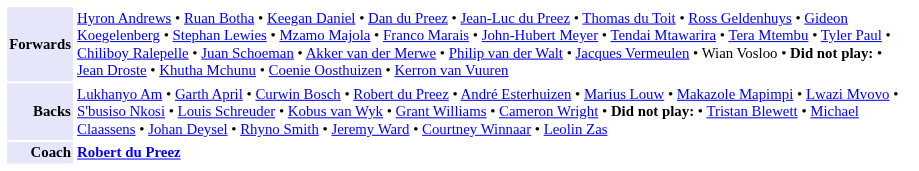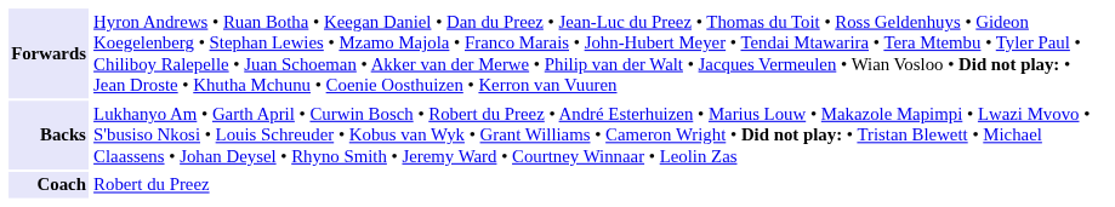 <table cellpadding="2" style="border: 1px solid white; font-size:90%;">
 <tr>
 <td style="text-align:right; background:lavender;"><strong>Forwards</strong></td>
 <td style="text-align:left;"><a href='#'>Hyron Andrews</a> • <a href='#'>Ruan Botha</a> • <a href='#'>Keegan Daniel</a> • <a href='#'>Dan du Preez</a> • <a href='#'>Jean-Luc du Preez</a> • <a href='#'>Thomas du Toit</a> • <a href='#'>Ross Geldenhuys</a> • <a href='#'>Gideon Koegelenberg</a> • <a href='#'>Stephan Lewies</a> • <a href='#'>Mzamo Majola</a> • <a href='#'>Franco Marais</a> • <a href='#'>John-Hubert Meyer</a> • <a href='#'>Tendai Mtawarira</a> • <a href='#'>Tera Mtembu</a> • <a href='#'>Tyler Paul</a> • <a href='#'>Chiliboy Ralepelle</a> • <a href='#'>Juan Schoeman</a> • <a href='#'>Akker van der Merwe</a> • <a href='#'>Philip van der Walt</a> • <a href='#'>Jacques Vermeulen</a> • Wian Vosloo • <strong>Did not play:</strong> • <a href='#'>Jean Droste</a> • <a href='#'>Khutha Mchunu</a> • <a href='#'>Coenie Oosthuizen</a> • <a href='#'>Kerron van Vuuren</a></td>
 </tr>
 <tr>
 <td style="text-align:right; background:lavender;"><strong>Backs</strong></td>
 <td style="text-align:left;"><a href='#'>Lukhanyo Am</a> • <a href='#'>Garth April</a> • <a href='#'>Curwin Bosch</a> • <a href='#'>Robert du Preez</a> • <a href='#'>André Esterhuizen</a> • <a href='#'>Marius Louw</a> • <a href='#'>Makazole Mapimpi</a> • <a href='#'>Lwazi Mvovo</a> • <a href='#'>S'busiso Nkosi</a> • <a href='#'>Louis Schreuder</a> • <a href='#'>Kobus van Wyk</a> • <a href='#'>Grant Williams</a> • <a href='#'>Cameron Wright</a> • <strong>Did not play:</strong> • <a href='#'>Tristan Blewett</a> • <a href='#'>Michael Claassens</a> • <a href='#'>Johan Deysel</a> • <a href='#'>Rhyno Smith</a> • <a href='#'>Jeremy Ward</a> • <a href='#'>Courtney Winnaar</a> • <a href='#'>Leolin Zas</a></td>
 </tr>
 <tr>
 <td style="text-align:right; background:lavender;"><strong>Coach</strong></td>
-<td style="text-align:left;"><strong><a href='#'>Robert du Preez</a></strong></td>
+<td style="text-align:left;"><a href='#'>Robert du Preez</a></td>
 </tr>
 </table>
